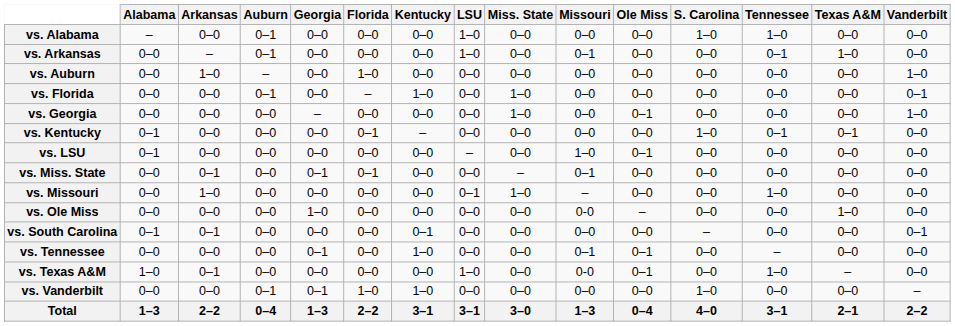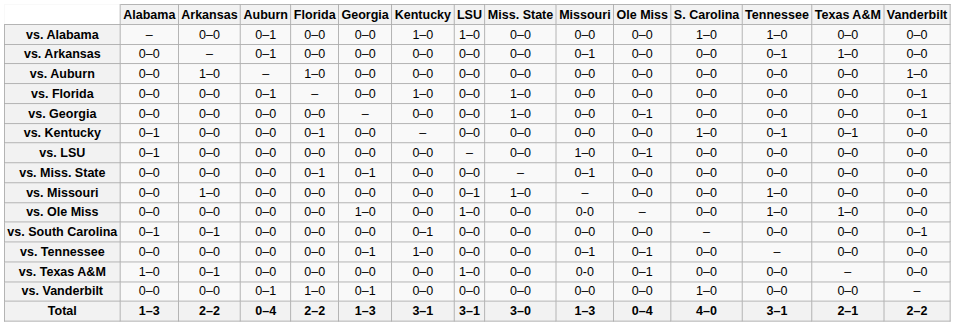 <table class="wikitable" style="white-space:nowrap; font-size:90%;">
 <tr>
 <td style="background:white; border-top-style:hidden; border-left-style:hidden;"></td>
 <th>Alabama</th>
 <th>Arkansas</th>
 <th>Auburn</th>
+<th>Florida</th>
 <th>Georgia</th>
-<th>Florida</th>
 <th>Kentucky</th>
 <th>LSU</th>
 <th>Miss. State</th>
 <th>Missouri</th>
 <th>Ole Miss</th>
 <th>S. Carolina</th>
 <th>Tennessee</th>
 <th>Texas A&M</th>
 <th>Vanderbilt</th>
 </tr>
 <tr style="text-align:center;">
 <th>vs. Alabama</th>
 <td>–</td>
 <td>0–0</td>
 <td>0–1</td>
 <td>0–0</td>
 <td>0–0</td>
-<td>0–0</td>
+<td>1–0</td>
 <td>1–0</td>
 <td>0–0</td>
 <td>0–0</td>
 <td>0–0</td>
 <td>1–0</td>
 <td>1–0</td>
 <td>0–0</td>
 <td>0–0</td>
 </tr>
 <tr style="text-align:center;">
 <th>vs. Arkansas</th>
 <td>0–0</td>
 <td>–</td>
 <td>0–1</td>
 <td>0–0</td>
 <td>0–0</td>
 <td>0–0</td>
-<td>1–0</td>
+<td>0–0</td>
 <td>0–0</td>
 <td>0–1</td>
 <td>0–0</td>
 <td>0–0</td>
 <td>0–1</td>
 <td>1–0</td>
 <td>0–0</td>
 </tr>
 <tr style="text-align:center;">
 <th>vs. Auburn</th>
 <td>0–0</td>
 <td>1–0</td>
 <td>–</td>
+<td>1–0</td>
 <td>0–0</td>
-<td>1–0</td>
 <td>0–0</td>
 <td>0–0</td>
 <td>0–0</td>
 <td>0–0</td>
 <td>0–0</td>
 <td>0–0</td>
 <td>0–0</td>
 <td>0–0</td>
 <td>1–0</td>
 </tr>
 <tr style="text-align:center;">
 <th>vs. Florida</th>
 <td>0–0</td>
 <td>0–0</td>
 <td>0–1</td>
+<td>–</td>
 <td>0–0</td>
-<td>–</td>
 <td>1–0</td>
 <td>0–0</td>
 <td>1–0</td>
 <td>0–0</td>
 <td>0–0</td>
 <td>0–0</td>
 <td>0–0</td>
 <td>0–0</td>
 <td>0–1</td>
 </tr>
 <tr style="text-align:center;">
 <th>vs. Georgia</th>
 <td>0–0</td>
 <td>0–0</td>
 <td>0–0</td>
+<td>0–0</td>
 <td>–</td>
-<td>0–0</td>
 <td>0–0</td>
 <td>0–0</td>
 <td>1–0</td>
 <td>0–0</td>
 <td>0–1</td>
 <td>0–0</td>
 <td>0–0</td>
 <td>0–0</td>
-<td>1–0</td>
+<td>0–1</td>
 </tr>
 <tr style="text-align:center;">
 <th>vs. Kentucky</th>
 <td>0–1</td>
 <td>0–0</td>
 <td>0–0</td>
+<td>0–1</td>
 <td>0–0</td>
-<td>0–1</td>
 <td>–</td>
 <td>0–0</td>
 <td>0–0</td>
 <td>0–0</td>
 <td>0–0</td>
 <td>1–0</td>
 <td>0–1</td>
 <td>0–1</td>
 <td>0–0</td>
 </tr>
 <tr style="text-align:center;">
 <th>vs. LSU</th>
 <td>0–1</td>
 <td>0–0</td>
 <td>0–0</td>
 <td>0–0</td>
 <td>0–0</td>
 <td>0–0</td>
 <td>–</td>
 <td>0–0</td>
 <td>1–0</td>
 <td>0–1</td>
 <td>0–0</td>
 <td>0–0</td>
 <td>0–0</td>
 <td>0–0</td>
 </tr>
 <tr style="text-align:center;">
 <th>vs. Miss. State</th>
 <td>0–0</td>
-<td>0–1</td>
+<td>0–0</td>
 <td>0–0</td>
 <td>0–1</td>
 <td>0–1</td>
 <td>0–0</td>
 <td>0–0</td>
 <td>–</td>
 <td>0–1</td>
 <td>0–0</td>
 <td>0–0</td>
 <td>0–0</td>
 <td>0–0</td>
 <td>0–0</td>
 </tr>
 <tr style="text-align:center;">
 <th>vs. Missouri</th>
 <td>0–0</td>
 <td>1–0</td>
 <td>0–0</td>
 <td>0–0</td>
 <td>0–0</td>
 <td>0–0</td>
 <td>0–1</td>
 <td>1–0</td>
 <td>–</td>
 <td>0–0</td>
 <td>0–0</td>
 <td>1–0</td>
 <td>0–0</td>
 <td>0–0</td>
 </tr>
 <tr style="text-align:center;">
 <th>vs. Ole Miss</th>
 <td>0–0</td>
 <td>0–0</td>
 <td>0–0</td>
+<td>0–0</td>
 <td>1–0</td>
 <td>0–0</td>
-<td>0–0</td>
-<td>0–0</td>
+<td>1–0</td>
 <td>0–0</td>
 <td>0-0</td>
 <td>–</td>
 <td>0–0</td>
-<td>0–0</td>
+<td>1–0</td>
 <td>1–0</td>
 <td>0–0</td>
 </tr>
 <tr style="text-align:center;">
 <th>vs. South Carolina</th>
 <td>0–1</td>
 <td>0–1</td>
 <td>0–0</td>
 <td>0–0</td>
 <td>0–0</td>
 <td>0–1</td>
 <td>0–0</td>
 <td>0–0</td>
 <td>0–0</td>
 <td>0–0</td>
 <td>–</td>
 <td>0–0</td>
 <td>0–0</td>
 <td>0–1</td>
 </tr>
 <tr style="text-align:center;">
 <th>vs. Tennessee</th>
 <td>0–0</td>
 <td>0–0</td>
 <td>0–0</td>
+<td>0–0</td>
 <td>0–1</td>
-<td>0–0</td>
 <td>1–0</td>
 <td>0–0</td>
 <td>0–0</td>
 <td>0–1</td>
 <td>0–1</td>
 <td>0–0</td>
 <td>–</td>
 <td>0–0</td>
 <td>0–0</td>
 </tr>
 <tr style="text-align:center;">
 <th>vs. Texas A&M</th>
 <td>1–0</td>
 <td>0–1</td>
 <td>0–0</td>
 <td>0–0</td>
 <td>0–0</td>
 <td>0–0</td>
 <td>1–0</td>
 <td>0–0</td>
 <td>0-0</td>
 <td>0–1</td>
 <td>0–0</td>
-<td>1–0</td>
+<td>0–0</td>
 <td>–</td>
 <td>0–0</td>
 </tr>
 <tr style="text-align:center;">
 <th>vs. Vanderbilt</th>
 <td>0–0</td>
 <td>0–0</td>
 <td>0–1</td>
+<td>1–0</td>
 <td>0–1</td>
-<td>1–0</td>
-<td>1–0</td>
+<td>0–0</td>
 <td>0–0</td>
 <td>0–0</td>
 <td>0–0</td>
 <td>0–0</td>
 <td>1–0</td>
 <td>0–0</td>
 <td>0–0</td>
 <td>–</td>
 </tr>
 <tr style="text-align:center;">
 <th>Total</th>
 <th>1–3</th>
 <th>2–2</th>
 <th>0–4</th>
+<th>2–2</th>
 <th>1–3</th>
-<th>2–2</th>
 <th>3–1</th>
 <th>3–1</th>
 <th>3–0</th>
 <th>1–3</th>
 <th>0–4</th>
 <th>4–0</th>
 <th>3–1</th>
 <th>2–1</th>
 <th>2–2</th>
 </tr>
 </table>
